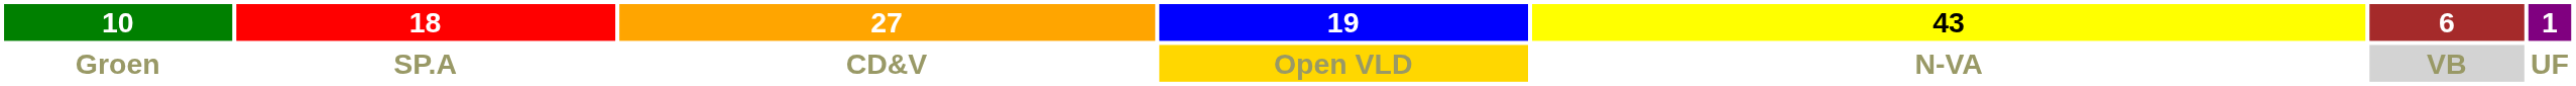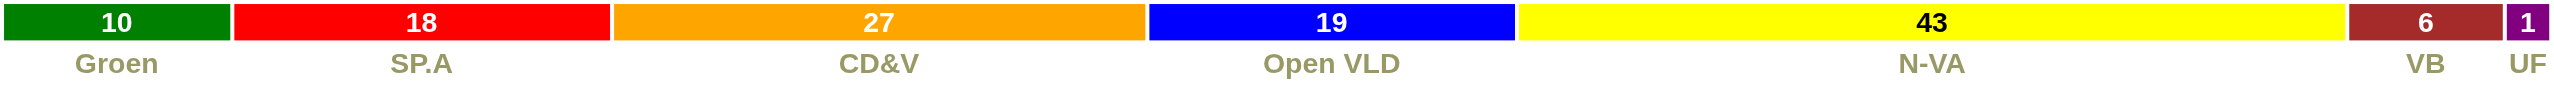 <table style="width:100%; font-size:88%; text-align:center;">
 <tr style="font-weight:bold">
 <td style="background:green; width:8.70%; color:white">10</td>
 <td style="background:red; width:14.52%; color:white">18</td>
 <td style="background:orange; width:20.48%; color:white">27</td>
 <td style="background:blue; width:14.15%; color:white">19</td>
 <td style="background:yellow; width:31.88%; color:black">43</td>
 <td style="background:brown; width:5.92%; color:white">6</td>
 <td style="background:purple; width:0.83%; color:white">1</td>
 </tr>
 <tr style="font-weight:bold; color:#996;">
 <td>Groen</td>
 <td>SP.A</td>
 <td>CD&V</td>
-<td style="background: gold;">Open VLD</td>
+<td>Open VLD</td>
 <td>N-VA</td>
-<td style="background: lightgrey;">VB</td>
+<td>VB</td>
 <td>UF</td>
 </tr>
 </table>
